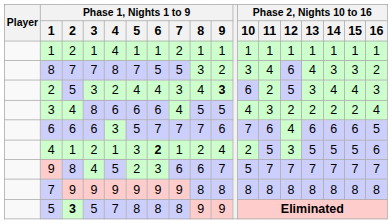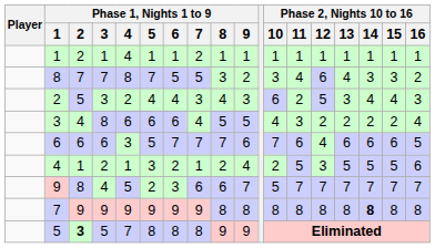 <table class="wikitable">
 <tr style="font-size:10pt;font-weight:bold">
 <th rowspan=2>Player</th>
 <th colspan=9>Phase 1, Nights 1 to 9</th>
 <th rowspan=12></th>
 <th colspan=7>Phase 2, Nights 10 to 16</th>
 </tr>
 <tr>
 <th style="width:20px;">1</th>
 <th style="width:20px;">2</th>
 <th style="width:20px;">3</th>
 <th style="width:20px;">4</th>
 <th style="width:20px;">5</th>
 <th style="width:20px;">6</th>
 <th style="width:20px;">7</th>
 <th style="width:20px;">8</th>
 <th style="width:20px;">9</th>
 <th style="width:20px;">10</th>
 <th style="width:20px;">11</th>
 <th style="width:20px;">12</th>
 <th style="width:20px;">13</th>
 <th style="width:20px;">14</th>
 <th style="width:20px;">15</th>
 <th style="width:20px;">16</th>
 </tr>
 <tr>
 <td></td>
 <td style="text-align:center; background:#cfc;">1</td>
 <td style="text-align:center; background:#cfc;">2</td>
 <td style="text-align:center; background:#cfc;">1</td>
 <td style="text-align:center; background:#cfc;">4</td>
 <td style="text-align:center; background:#cfc;">1</td>
 <td style="text-align:center; background:#cfc;">1</td>
 <td style="text-align:center; background:#cfc;">2</td>
 <td style="text-align:center; background:#cfc;">1</td>
 <td style="text-align:center; background:#cfc;">1</td>
 <td style="text-align:center; background:#cfc;">1</td>
 <td style="text-align:center; background:#cfc;">1</td>
 <td style="text-align:center; background:#cfc;">1</td>
 <td style="text-align:center; background:#cfc;">1</td>
 <td style="text-align:center; background:#cfc;">1</td>
 <td style="text-align:center; background:#cfc;">1</td>
 <td style="text-align:center; background:#cfc;">1</td>
 </tr>
 <tr>
 <td></td>
 <td style="text-align:center; background:#cccffc;">8</td>
 <td style="text-align:center; background:#cccffc;">7</td>
 <td style="text-align:center; background:#cccffc;">7</td>
 <td style="text-align:center; background:#cccffc;">8</td>
 <td style="text-align:center; background:#cccffc;">7</td>
 <td style="text-align:center; background:#cccffc;">5</td>
 <td style="text-align:center; background:#cccffc;">5</td>
 <td style="text-align:center; background:#cfc;">3</td>
 <td style="text-align:center; background:#cfc;">2</td>
 <td style="text-align:center; background:#cfc;">3</td>
 <td style="text-align:center; background:#cfc;">4</td>
 <td style="text-align:center; background:#cccffc;">6</td>
 <td style="text-align:center; background:#cfc;">4</td>
 <td style="text-align:center; background:#cfc;">3</td>
 <td style="text-align:center; background:#cfc;">3</td>
 <td style="text-align:center; background:#cfc;">2</td>
 </tr>
 <tr>
 <td></td>
 <td style="text-align:center; background:#cfc;">2</td>
 <td style="text-align:center; background:#cccffc;">5</td>
 <td style="text-align:center; background:#cfc;">3</td>
 <td style="text-align:center; background:#cfc;">2</td>
 <td style="text-align:center; background:#cfc;">4</td>
 <td style="text-align:center; background:#cfc;">4</td>
 <td style="text-align:center; background:#cfc;">3</td>
 <td style="text-align:center; background:#cfc;">4</td>
-<td style="text-align:center; background:#cfc;"><strong>3</strong></td>
+<td style="text-align:center; background:#cfc;">3</td>
 <td style="text-align:center; background:#cccffc;">6</td>
 <td style="text-align:center; background:#cfc;">2</td>
 <td style="text-align:center; background:#cccffc;">5</td>
 <td style="text-align:center; background:#cfc;">3</td>
 <td style="text-align:center; background:#cfc;">4</td>
 <td style="text-align:center; background:#cfc;">4</td>
 <td style="text-align:center; background:#cfc;">3</td>
 </tr>
 <tr>
 <td></td>
 <td style="text-align:center; background:#cfc;">3</td>
 <td style="text-align:center; background:#cfc;">4</td>
 <td style="text-align:center; background:#cccffc;">8</td>
 <td style="text-align:center; background:#cccffc;">6</td>
 <td style="text-align:center; background:#cccffc;">6</td>
 <td style="text-align:center; background:#cccffc;">6</td>
 <td style="text-align:center; background:#cfc;">4</td>
 <td style="text-align:center; background:#cccffc;">5</td>
 <td style="text-align:center; background:#cccffc;">5</td>
 <td style="text-align:center; background:#cfc;">4</td>
 <td style="text-align:center; background:#cfc;">3</td>
 <td style="text-align:center; background:#cfc;">2</td>
 <td style="text-align:center; background:#cfc;">2</td>
 <td style="text-align:center; background:#cfc;">2</td>
 <td style="text-align:center; background:#cfc;">2</td>
 <td style="text-align:center; background:#cfc;">4</td>
 </tr>
 <tr>
 <td></td>
 <td style="text-align:center; background:#cccffc;">6</td>
 <td style="text-align:center; background:#cccffc;">6</td>
 <td style="text-align:center; background:#cccffc;">6</td>
 <td style="text-align:center; background:#cfc;">3</td>
 <td style="text-align:center; background:#cccffc;">5</td>
 <td style="text-align:center; background:#cccffc;">7</td>
 <td style="text-align:center; background:#cccffc;">7</td>
 <td style="text-align:center; background:#cccffc;">7</td>
 <td style="text-align:center; background:#cccffc;">6</td>
 <td style="text-align:center; background:#cccffc;">7</td>
 <td style="text-align:center; background:#cccffc;">6</td>
 <td style="text-align:center; background:#cfc;">4</td>
 <td style="text-align:center; background:#cccffc;">6</td>
 <td style="text-align:center; background:#cccffc;">6</td>
 <td style="text-align:center; background:#cccffc;">6</td>
 <td style="text-align:center; background:#cccffc;">5</td>
 </tr>
 <tr>
 <td></td>
 <td style="text-align:center; background:#cfc;">4</td>
 <td style="text-align:center; background:#cfc;">1</td>
 <td style="text-align:center; background:#cfc;">2</td>
 <td style="text-align:center; background:#cfc;">1</td>
 <td style="text-align:center; background:#cfc;">3</td>
-<td style="text-align:center; background:#cfc;"><strong>2</strong></td>
+<td style="text-align:center; background:#cfc;">2</td>
 <td style="text-align:center; background:#cfc;">1</td>
 <td style="text-align:center; background:#cfc;">2</td>
 <td style="text-align:center; background:#cfc;">4</td>
 <td style="text-align:center; background:#cfc;">2</td>
 <td style="text-align:center; background:#cccffc;">5</td>
 <td style="text-align:center; background:#cfc;">3</td>
 <td style="text-align:center; background:#cccffc;">5</td>
 <td style="text-align:center; background:#cccffc;">5</td>
 <td style="text-align:center; background:#cccffc;">5</td>
 <td style="text-align:center; background:#cccffc;">6</td>
 </tr>
 <tr>
 <td></td>
 <td style="text-align:center; background:#fcc;">9</td>
 <td style="text-align:center; background:#cccffc;">8</td>
 <td style="text-align:center; background:#cfc;">4</td>
 <td style="text-align:center; background:#cccffc;">5</td>
 <td style="text-align:center; background:#cfc;">2</td>
 <td style="text-align:center; background:#cfc;">3</td>
 <td style="text-align:center; background:#cccffc;">6</td>
 <td style="text-align:center; background:#cccffc;">6</td>
 <td style="text-align:center; background:#cccffc;">7</td>
 <td style="text-align:center; background:#cccffc;">5</td>
 <td style="text-align:center; background:#cccffc;">7</td>
 <td style="text-align:center; background:#cccffc;">7</td>
 <td style="text-align:center; background:#cccffc;">7</td>
 <td style="text-align:center; background:#cccffc;">7</td>
 <td style="text-align:center; background:#cccffc;">7</td>
 <td style="text-align:center; background:#cccffc;">7</td>
 </tr>
 <tr>
 <td></td>
 <td style="text-align:center; background:#cccffc;">7</td>
 <td style="text-align:center; background:#fcc;">9</td>
 <td style="text-align:center; background:#fcc;">9</td>
 <td style="text-align:center; background:#fcc;">9</td>
 <td style="text-align:center; background:#fcc;">9</td>
 <td style="text-align:center; background:#fcc;">9</td>
 <td style="text-align:center; background:#fcc;">9</td>
 <td style="text-align:center; background:#cccffc;">8</td>
 <td style="text-align:center; background:#cccffc;">8</td>
 <td style="text-align:center; background:#cccffc;">8</td>
 <td style="text-align:center; background:#cccffc;">8</td>
 <td style="text-align:center; background:#cccffc;">8</td>
 <td style="text-align:center; background:#cccffc;">8</td>
-<td style="text-align:center; background:#cccffc;">8</td>
+<td style="text-align:center; background:#cccffc;"><strong>8</strong></td>
 <td style="text-align:center; background:#cccffc;">8</td>
 <td style="text-align:center; background:#cccffc;">8</td>
 </tr>
 <tr>
 <td></td>
 <td style="text-align:center; background:#cccffc;">5</td>
 <td style="text-align:center; background:#cfc;"><strong>3</strong></td>
 <td style="text-align:center; background:#cccffc;">5</td>
 <td style="text-align:center; background:#cccffc;">7</td>
 <td style="text-align:center; background:#cccffc;">8</td>
 <td style="text-align:center; background:#cccffc;">8</td>
 <td style="text-align:center; background:#cccffc;">8</td>
 <td style="text-align:center; background:#fcc;">9</td>
 <td style="text-align:center; background:#fcc;">9</td>
 <td align=center bgcolor="#ffcccc" colspan=7><strong>Eliminated</strong></td>
 </tr>
 </table>
